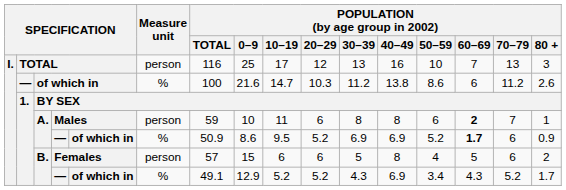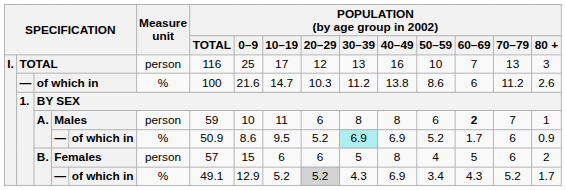 <table class="wikitable" style="font-size:85%; text-align:center">
 <tr>
 <th rowspan="2" colspan="5">SPECIFICATION</th>
 <th rowspan="2">Measure<br> unit</th>
 <th colspan="10" rowspan="1">POPULATION<br> (by age group in 2002)</th>
 </tr>
 <tr>
 <th>TOTAL</th>
 <th>0–9</th>
 <th>10–19</th>
 <th>20–29</th>
 <th>30–39</th>
 <th>40–49</th>
 <th>50–59</th>
 <th>60–69</th>
 <th>70–79</th>
 <th>80 +</th>
 </tr>
 <tr>
 <th style="text-align:left" valign="top" rowspan="7">I.</th>
 <th style="text-align:left" colspan="4">TOTAL</th>
 <td>person</td>
 <td>116</td>
 <td>25</td>
 <td>17</td>
 <td>12</td>
 <td>13</td>
 <td>16</td>
 <td>10</td>
 <td>7</td>
 <td>13</td>
 <td>3</td>
 </tr>
 <tr>
 <th style="text-align:left" valign="top">—</th>
 <th style="text-align:left" colspan="3">of which in</th>
 <td>%</td>
 <td>100</td>
 <td>21.6</td>
 <td>14.7</td>
 <td>10.3</td>
 <td>11.2</td>
 <td>13.8</td>
 <td>8.6</td>
 <td>6</td>
 <td>11.2</td>
 <td>2.6</td>
 </tr>
 <tr>
 <th style="text-align:left" valign="top" rowspan="5">1.</th>
 <th style="text-align:left" colspan="14">BY SEX</th>
 </tr>
 <tr>
 <th style="text-align:left" valign="top" rowspan="2">A.</th>
 <th style="text-align:left" colspan="2">Males</th>
 <td>person</td>
 <td>59</td>
 <td>10</td>
 <td>11</td>
 <td>6</td>
 <td>8</td>
 <td>8</td>
 <td>6</td>
 <td><strong>2</strong></td>
 <td>7</td>
 <td>1</td>
 </tr>
 <tr>
 <th style="text-align:left" valign="top">—</th>
 <th style="text-align:left" colspan="1">of which in</th>
 <td>%</td>
 <td>50.9</td>
 <td>8.6</td>
 <td>9.5</td>
 <td>5.2</td>
-<td>6.9</td>
+<td style="background: paleturquoise;">6.9</td>
 <td>6.9</td>
 <td>5.2</td>
-<td><strong>1.7</strong></td>
+<td>1.7</td>
 <td>6</td>
 <td>0.9</td>
 </tr>
 <tr>
 <th style="text-align:left" valign="top" rowspan="2">B.</th>
 <th style="text-align:left" colspan="2">Females</th>
 <td>person</td>
 <td>57</td>
 <td>15</td>
 <td>6</td>
 <td>6</td>
 <td>5</td>
 <td>8</td>
 <td>4</td>
 <td>5</td>
 <td>6</td>
 <td>2</td>
 </tr>
 <tr>
 <th style="text-align:left" valign="top">—</th>
 <th style="text-align:left" colspan="1">of which in</th>
 <td>%</td>
 <td>49.1</td>
 <td>12.9</td>
 <td>5.2</td>
-<td>5.2</td>
+<td style="background: lightgrey;">5.2</td>
 <td>4.3</td>
 <td>6.9</td>
 <td>3.4</td>
 <td>4.3</td>
 <td>5.2</td>
 <td>1.7</td>
 </tr>
 </table>
